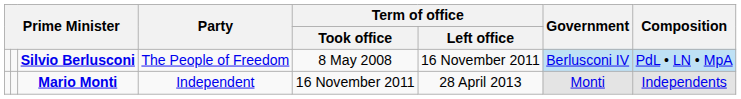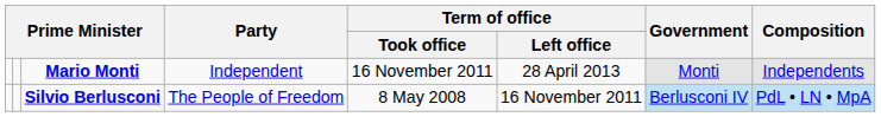 <table class="wikitable" style="text-align:center">
 <tr>
 <th colspan=3 rowspan=2>Prime Minister</th>
 <th rowspan=2>Party</th>
 <th colspan=2>Term of office</th>
 <th rowspan=2>Government</th>
 <th rowspan=2>Composition</th>
 </tr>
 <tr>
 <th>Took office</th>
 <th>Left office</th>
 </tr>
 <tr>
 <td style="background:"></td>
 <td></td>
+<td><strong><a href='#'>Mario Monti</a></strong><br></td>
+<td><a href='#'>Independent</a></td>
+<td>16 November 2011</td>
+<td>28 April 2013</td>
+<td bgcolor=#E4E4E4><a href='#'>Monti</a></td>
+<td bgcolor=#E4E4E4><a href='#'>Independents</a> <br></td>
+</tr>
+<tr>
+<td style="background:"></td>
+<td></td>
 <td><strong><a href='#'>Silvio Berlusconi</a></strong><br></td>
 <td><a href='#'>The People of Freedom</a></td>
 <td class="nowrap">8 May 2008</td>
 <td class="nowrap">16 November 2011</td>
 <td bgcolor=#BEE1F5><a href='#'>Berlusconi IV</a></td>
 <td bgcolor=#BEE1F5><a href='#'>PdL</a> • <a href='#'>LN</a> • <a href='#'>MpA</a> <br></td>
 </tr>
-<tr>
-<td style="background:"></td>
-<td></td>
-<td><strong><a href='#'>Mario Monti</a></strong><br></td>
-<td><a href='#'>Independent</a></td>
-<td>16 November 2011</td>
-<td>28 April 2013</td>
-<td bgcolor=#E4E4E4><a href='#'>Monti</a></td>
-<td bgcolor=#E4E4E4><a href='#'>Independents</a> <br></td>
-</tr>
 </table>
